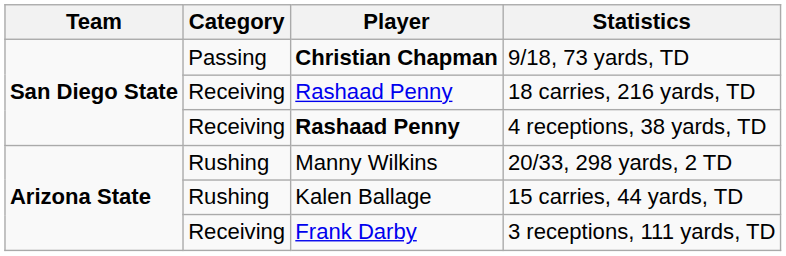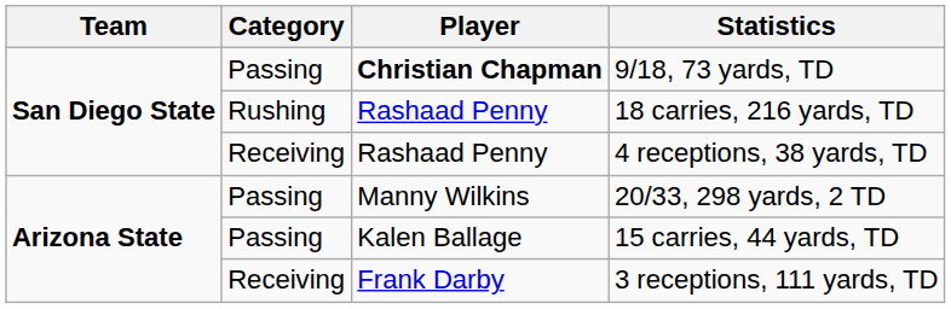 <table class="wikitable" style="float: right;">
 <tr>
 <th>Team</th>
 <th>Category</th>
 <th>Player</th>
 <th>Statistics</th>
 </tr>
 <tr>
 <td rowspan=3><strong>San Diego State</strong></td>
 <td>Passing</td>
 <td><strong>Christian Chapman</strong></td>
 <td>9/18, 73 yards, TD</td>
 </tr>
 <tr>
-<td>Receiving</td>
+<td>Rushing</td>
 <td><a href='#'>Rashaad Penny</a></td>
 <td>18 carries, 216 yards, TD</td>
 </tr>
 <tr>
 <td>Receiving</td>
-<td><strong>Rashaad Penny</strong></td>
+<td>Rashaad Penny</td>
 <td>4 receptions, 38 yards, TD</td>
 </tr>
 <tr>
 <td rowspan=3><strong>Arizona State</strong></td>
-<td>Rushing</td>
+<td>Passing</td>
 <td>Manny Wilkins</td>
 <td>20/33, 298 yards, 2 TD</td>
 </tr>
 <tr>
-<td>Rushing</td>
+<td>Passing</td>
 <td>Kalen Ballage</td>
 <td>15 carries, 44 yards, TD</td>
 </tr>
 <tr>
 <td>Receiving</td>
 <td><a href='#'>Frank Darby</a></td>
 <td>3 receptions, 111 yards, TD</td>
 </tr>
 </table>
